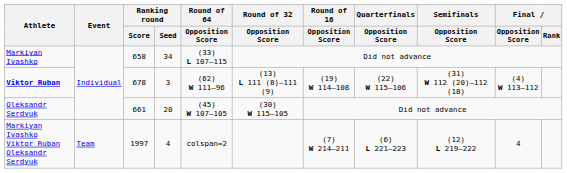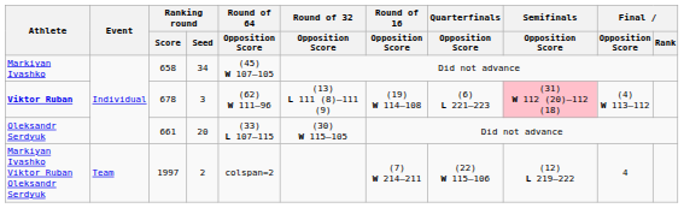 <table class="wikitable" style="font-size:90%">
 <tr>
 <th rowspan="2">Athlete</th>
 <th rowspan="2">Event</th>
 <th colspan="2">Ranking round</th>
 <th>Round of 64</th>
 <th>Round of 32</th>
 <th>Round of 16</th>
 <th>Quarterfinals</th>
 <th>Semifinals</th>
 <th colspan="2">Final / </th>
 </tr>
 <tr style="font-size:95%">
 <th>Score</th>
 <th>Seed</th>
 <th>Opposition<br>Score</th>
 <th>Opposition<br>Score</th>
 <th>Opposition<br>Score</th>
 <th>Opposition<br>Score</th>
 <th>Opposition<br>Score</th>
 <th>Opposition<br>Score</th>
 <th>Rank</th>
 </tr>
 <tr align=center>
 <td align=left><a href='#'>Markiyan Ivashko</a></td>
 <td align=left rowspan=3><a href='#'>Individual</a></td>
 <td>658</td>
 <td>34</td>
-<td> (33)<br><strong>L</strong> 107–115</td>
+<td> (45)<br><strong>W</strong> 107–105</td>
 <td colspan=6>Did not advance</td>
 </tr>
 <tr align=center>
 <td align=left><strong><a href='#'>Viktor Ruban</a></strong></td>
 <td>678</td>
 <td>3</td>
 <td> (62)<br><strong>W</strong> 111–96</td>
 <td> (13)<br><strong>L</strong> 111 (8)–111 (9)</td>
 <td> (19)<br><strong>W</strong> 114–108</td>
-<td> (22)<br><strong>W</strong> 115–106</td>
-<td> (31)<br><strong>W</strong> 112 (20)–112 (18)</td>
+<td> (6)<br><strong>L</strong> 221–223</td>
+<td style="background: pink;"> (31)<br><strong>W</strong> 112 (20)–112 (18)</td>
 <td> (4)<br><strong>W</strong> 113–112</td>
 <td></td>
 </tr>
 <tr align=center>
 <td align=left><a href='#'>Oleksandr Serdyuk</a></td>
 <td>661</td>
 <td>20</td>
-<td> (45)<br><strong>W</strong> 107–105</td>
+<td> (33)<br><strong>L</strong> 107–115</td>
 <td> (30)<br><strong>W</strong> 115–105</td>
 <td colspan=5>Did not advance</td>
 </tr>
 <tr align=center>
 <td align=left><a href='#'>Markiyan Ivashko</a><br><a href='#'>Viktor Ruban</a><br><a href='#'>Oleksandr Serdyuk</a></td>
 <td align=left><a href='#'>Team</a></td>
 <td>1997</td>
-<td>4</td>
+<td>2</td>
 <td>colspan=2 </td>
 <td></td>
 <td> (7)<br><strong>W</strong> 214–211</td>
-<td> (6)<br><strong>L</strong> 221–223</td>
+<td> (22)<br><strong>W</strong> 115–106</td>
 <td> (12)<br><strong>L</strong> 219–222</td>
 <td>4</td>
 </tr>
 </table>
